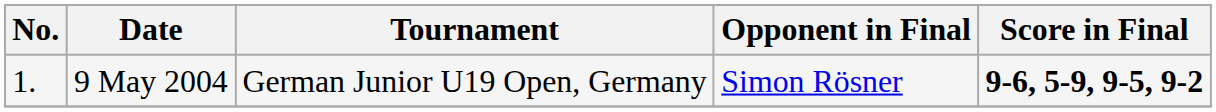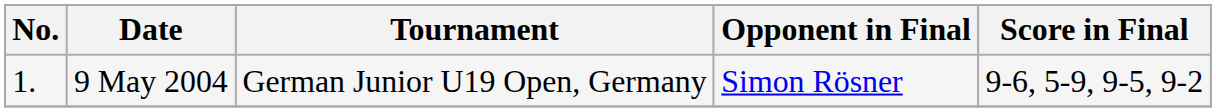 <table class="sortable wikitable">
 <tr>
 <th>No.</th>
 <th>Date</th>
 <th>Tournament</th>
 <th>Opponent in Final</th>
 <th>Score in Final</th>
 </tr>
 <tr style="background:#f5f5f5;">
 <td>1.</td>
 <td>9 May 2004</td>
 <td>German Junior U19 Open, Germany</td>
 <td> <a href='#'>Simon Rösner</a></td>
-<td><strong>9-6, 5-9, 9-5, 9-2</strong></td>
+<td>9-6, 5-9, 9-5, 9-2</td>
 </tr>
 <tr style="background:White;">
 </tr>
 </table>
